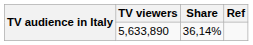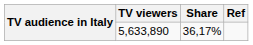 <table class="wikitable" style="margin-bottom: 10px;">
 <tr>
 <th rowspan="2">TV audience in Italy</th>
 <th>TV viewers</th>
 <th>Share</th>
 <th>Ref</th>
 </tr>
 <tr>
 <td>5,633,890</td>
-<td>36,14%</td>
+<td>36,17%</td>
 <td></td>
 </tr>
 </table>
